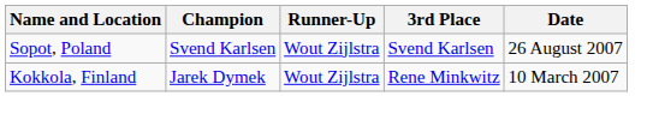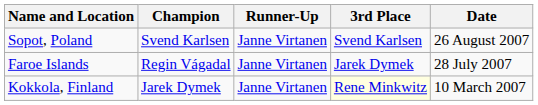 <table class="wikitable" style="display: inline-table">
 <tr>
 <th>Name and Location</th>
 <th>Champion</th>
 <th>Runner-Up</th>
 <th>3rd Place</th>
 <th>Date</th>
 </tr>
 <tr>
 <td> <a href='#'>Sopot</a>, <a href='#'>Poland</a> <br> </td>
 <td> <a href='#'>Svend Karlsen</a></td>
-<td> <a href='#'>Wout Zijlstra</a></td>
+<td> <a href='#'>Janne Virtanen</a></td>
 <td> <a href='#'>Svend Karlsen</a></td>
 <td>26 August 2007</td>
 </tr>
 <tr>
+<td> <a href='#'>Faroe Islands</a> <br> </td>
+<td> <a href='#'>Regin Vágadal</a></td>
+<td> <a href='#'>Janne Virtanen</a></td>
+<td> <a href='#'>Jarek Dymek</a></td>
+<td>28 July 2007</td>
+</tr>
+<tr>
 <td> <a href='#'>Kokkola</a>, <a href='#'>Finland</a> <br> </td>
 <td> <a href='#'>Jarek Dymek</a></td>
-<td> <a href='#'>Wout Zijlstra</a></td>
-<td> <a href='#'>Rene Minkwitz</a></td>
+<td> <a href='#'>Janne Virtanen</a></td>
+<td style="background: lightyellow;"> <a href='#'>Rene Minkwitz</a></td>
 <td>10 March 2007</td>
 </tr>
 </table>
